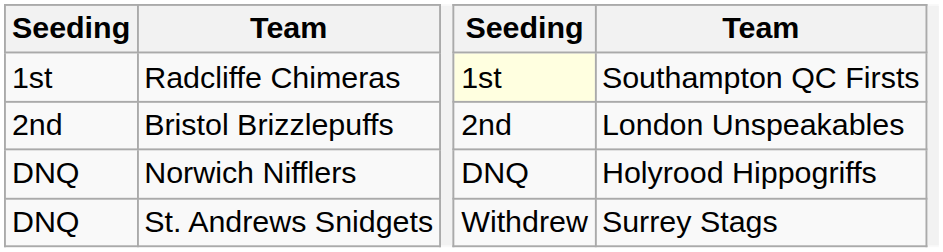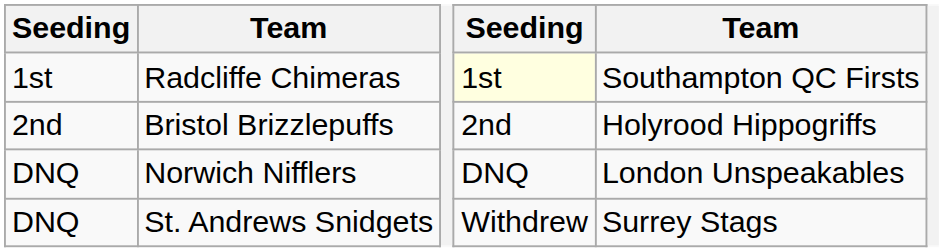 <table class="wikitable" style="border: none;">
 <tr>
 <th>Seeding</th>
 <th>Team</th>
 <th rowspan="10" style="border: none;"></th>
 <th>Seeding</th>
 <th>Team</th>
 <th rowspan="10" style="border: none;"></th>
 </tr>
 <tr>
 <td>1st</td>
 <td>Radcliffe Chimeras</td>
 <td style="background: lightyellow;">1st</td>
 <td>Southampton QC Firsts</td>
 </tr>
 <tr>
 <td>2nd</td>
 <td>Bristol Brizzlepuffs</td>
 <td>2nd</td>
-<td>London Unspeakables</td>
+<td>Holyrood Hippogriffs</td>
 </tr>
 <tr>
 <td>DNQ</td>
 <td>Norwich Nifflers</td>
 <td>DNQ</td>
-<td>Holyrood Hippogriffs</td>
+<td>London Unspeakables</td>
 </tr>
 <tr>
 <td>DNQ</td>
 <td>St. Andrews Snidgets</td>
 <td>Withdrew</td>
 <td>Surrey Stags</td>
 </tr>
 </table>
